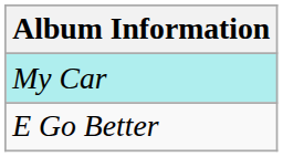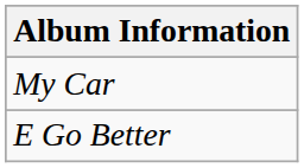 <table class="wikitable">
 <tr>
 <th align="left">Album Information</th>
 </tr>
 <tr>
-<td align="left" style="background: paleturquoise;"><em>My Car </em></td>
+<td align="left"><em>My Car </em></td>
 </tr>
 <tr>
 <td align="left"><em>E Go Better</em></td>
 </tr>
 </table>
